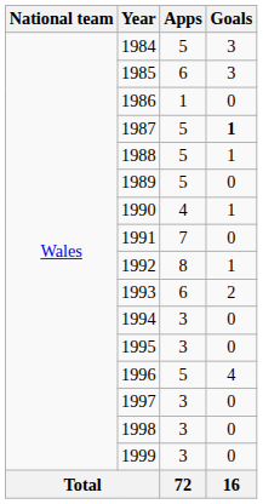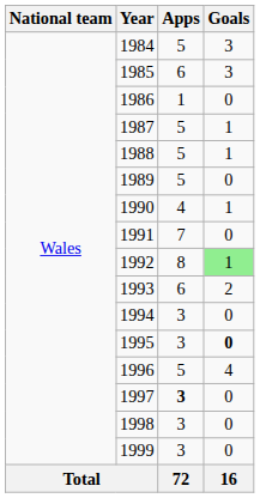 <table class=wikitable style="text-align:center">
 <tr>
 <th>National team</th>
 <th>Year</th>
 <th>Apps</th>
 <th>Goals</th>
 </tr>
 <tr>
 <td rowspan="16"><a href='#'>Wales</a></td>
 <td>1984</td>
 <td>5</td>
 <td>3</td>
 </tr>
 <tr>
 <td>1985</td>
 <td>6</td>
 <td>3</td>
 </tr>
 <tr>
 <td>1986</td>
 <td>1</td>
 <td>0</td>
 </tr>
 <tr>
 <td>1987</td>
 <td>5</td>
-<td><strong>1</strong></td>
+<td>1</td>
 </tr>
 <tr>
 <td>1988</td>
 <td>5</td>
 <td>1</td>
 </tr>
 <tr>
 <td>1989</td>
 <td>5</td>
 <td>0</td>
 </tr>
 <tr>
 <td>1990</td>
 <td>4</td>
 <td>1</td>
 </tr>
 <tr>
 <td>1991</td>
 <td>7</td>
 <td>0</td>
 </tr>
 <tr>
 <td>1992</td>
 <td>8</td>
-<td>1</td>
+<td style="background: lightgreen;">1</td>
 </tr>
 <tr>
 <td>1993</td>
 <td>6</td>
 <td>2</td>
 </tr>
 <tr>
 <td>1994</td>
 <td>3</td>
 <td>0</td>
 </tr>
 <tr>
 <td>1995</td>
 <td>3</td>
-<td>0</td>
+<td><strong>0</strong></td>
 </tr>
 <tr>
 <td>1996</td>
 <td>5</td>
 <td>4</td>
 </tr>
 <tr>
 <td>1997</td>
-<td>3</td>
+<td><strong>3</strong></td>
 <td>0</td>
 </tr>
 <tr>
 <td>1998</td>
 <td>3</td>
 <td>0</td>
 </tr>
 <tr>
 <td>1999</td>
 <td>3</td>
 <td>0</td>
 </tr>
 <tr>
 <th colspan="2">Total</th>
 <th>72</th>
 <th>16</th>
 </tr>
 </table>
